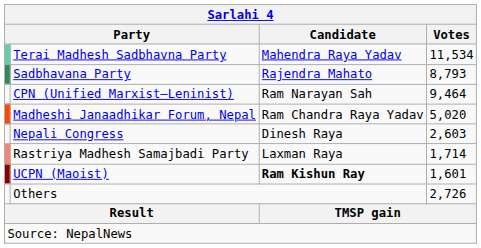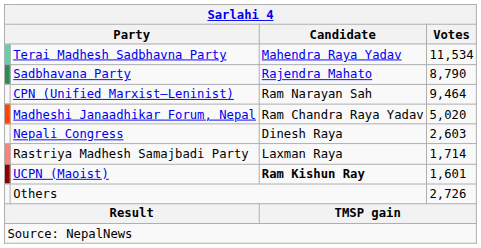 <table class="wikitable">
 <tr>
 <th colspan="4"><a href='#'>Sarlahi 4</a></th>
 </tr>
 <tr>
 <th colspan="2">Party</th>
 <th>Candidate</th>
 <th>Votes</th>
 </tr>
 <tr>
 <td style="background-color:mediumaquamarine"></td>
 <td><a href='#'>Terai Madhesh Sadbhavna Party</a></td>
 <td><a href='#'>Mahendra Raya Yadav</a></td>
 <td>11,534</td>
 </tr>
 <tr>
 <td style="background-color:seagreen"></td>
 <td><a href='#'>Sadbhavana Party</a></td>
 <td><a href='#'>Rajendra Mahato</a></td>
-<td>8,793</td>
+<td>8,790</td>
 </tr>
 <tr>
 <td style="background-color:"></td>
 <td><a href='#'>CPN (Unified Marxist–Leninist)</a></td>
 <td>Ram Narayan Sah</td>
 <td>9,464</td>
 </tr>
 <tr>
 <td style="background-color:orangered"></td>
 <td><a href='#'>Madheshi Janaadhikar Forum, Nepal</a></td>
 <td>Ram Chandra Raya Yadav</td>
 <td>5,020</td>
 </tr>
 <tr>
 <td style="background-color:"></td>
 <td><a href='#'>Nepali Congress</a></td>
 <td>Dinesh Raya</td>
 <td>2,603</td>
 </tr>
 <tr>
 <td style="background-color:#F88379"></td>
 <td>Rastriya Madhesh Samajbadi Party</td>
 <td>Laxman Raya</td>
 <td>1,714</td>
 </tr>
 <tr>
 <td style="background-color:darkred"></td>
 <td><a href='#'>UCPN (Maoist)</a></td>
 <td><strong>Ram Kishun Ray</strong></td>
 <td>1,601</td>
 </tr>
 <tr>
 <td></td>
 <td colspan="2">Others</td>
 <td>2,726</td>
 </tr>
 <tr>
 <th colspan="2">Result</th>
 <th colspan="2">TMSP gain</th>
 </tr>
 <tr>
 <td colspan="4">Source: NepalNews</td>
 </tr>
 </table>
